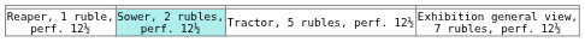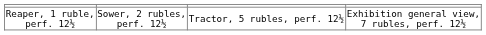 <table border=1 style="border-collapse:collapse" class="standard">
 <tr>
 <td></td>
 <td></td>
 <td></td>
 <td></td>
 </tr>
 <tr style="text-align:center; font-size:78%">
 <td>Reaper, 1 ruble,<br>perf. 12½</td>
-<td style="background: paleturquoise;">Sower, 2 rubles,<br>perf. 12½</td>
+<td>Sower, 2 rubles,<br>perf. 12½</td>
 <td>Tractor, 5 rubles, perf. 12½</td>
 <td>Exhibition general view,<br>7 rubles, perf. 12½</td>
 </tr>
 </table>
